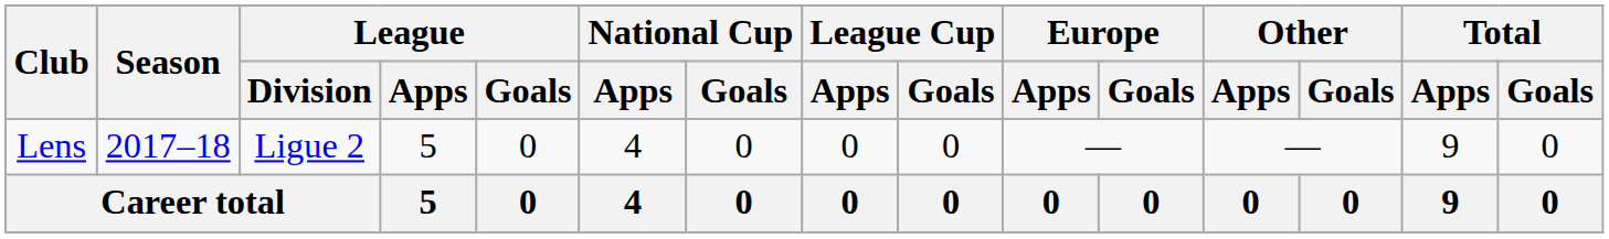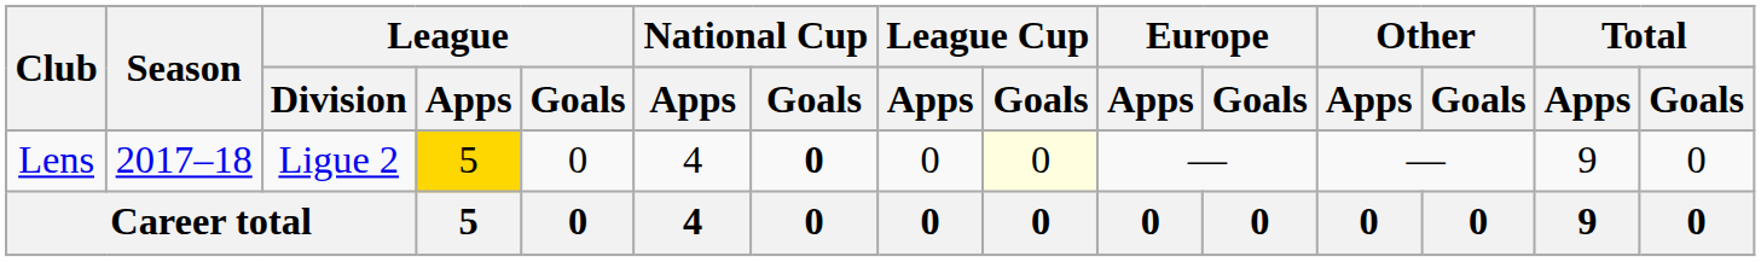 <table class="wikitable" style="text-align:center">
 <tr>
 <th rowspan="2">Club</th>
 <th rowspan="2">Season</th>
 <th colspan="3">League</th>
 <th colspan="2">National Cup</th>
 <th colspan="2">League Cup</th>
 <th colspan="2">Europe</th>
 <th colspan="2">Other</th>
 <th colspan="2">Total</th>
 </tr>
 <tr>
 <th>Division</th>
 <th>Apps</th>
 <th>Goals</th>
 <th>Apps</th>
 <th>Goals</th>
 <th>Apps</th>
 <th>Goals</th>
 <th>Apps</th>
 <th>Goals</th>
 <th>Apps</th>
 <th>Goals</th>
 <th>Apps</th>
 <th>Goals</th>
 </tr>
 <tr>
 <td><a href='#'>Lens</a></td>
 <td><a href='#'>2017–18</a></td>
 <td><a href='#'>Ligue 2</a></td>
-<td>5</td>
+<td style="background: gold;">5</td>
 <td>0</td>
 <td>4</td>
+<td><strong>0</strong></td>
 <td>0</td>
-<td>0</td>
-<td>0</td>
+<td style="background: lightyellow;">0</td>
 <td colspan=2>—</td>
 <td colspan=2>—</td>
 <td>9</td>
 <td>0</td>
 </tr>
 <tr>
 <th colspan="3">Career total</th>
 <th>5</th>
 <th>0</th>
 <th>4</th>
 <th>0</th>
 <th>0</th>
 <th>0</th>
 <th>0</th>
 <th>0</th>
 <th>0</th>
 <th>0</th>
 <th>9</th>
 <th>0</th>
 </tr>
 </table>
